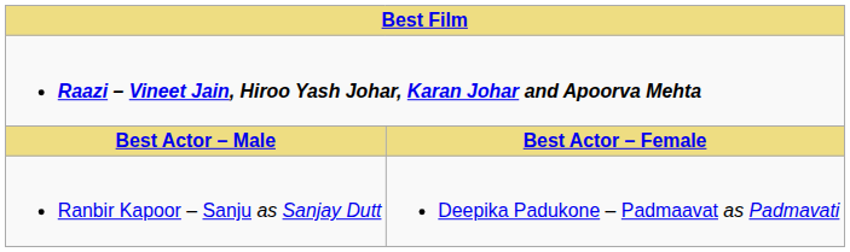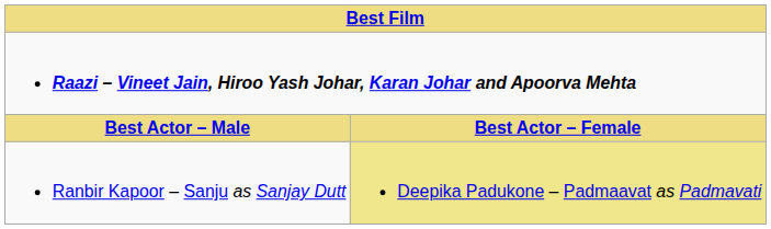 <table class="wikitable">
 <tr>
 <th ! style="background:#EEDD82;text-align:center;" colspan="2"><a href='#'>Best Film</a></th>
 </tr>
 <tr>
 <td valign="top" colspan="2"><br><ul><li><strong><em><a href='#'>Raazi</a><em> – <a href='#'>Vineet Jain</a>, Hiroo Yash Johar, <a href='#'>Karan Johar</a> and Apoorva Mehta<strong></li></ul></td>
 </tr>
 <tr>
 <th style="background:#EEDD82;"><a href='#'>Best Actor – Male</a></th>
 <th style="background:#EEDD82;"><a href='#'>Best Actor – Female</a></th>
 </tr>
 <tr>
 <td valign="top"><br><ul><li></strong><a href='#'>Ranbir Kapoor</a> – </em><a href='#'>Sanju</a><em> as <a href='#'>Sanjay Dutt</a><strong></li></ul></td>
-<td valign="top"><br><ul><li></strong><a href='#'>Deepika Padukone</a> – </em><a href='#'>Padmaavat</a><em> as <a href='#'>Padmavati</a><strong></li></ul></td>
+<td valign="top" style="background: khaki;"><br><ul><li></strong><a href='#'>Deepika Padukone</a> – </em><a href='#'>Padmaavat</a><em> as <a href='#'>Padmavati</a><strong></li></ul></td>
 </tr>
 <tr>
 </tr>
 </table>
